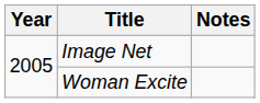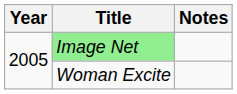 <table class="wikitable">
 <tr>
 <th>Year</th>
 <th>Title</th>
 <th>Notes</th>
 </tr>
 <tr>
 <td rowspan="2">2005</td>
-<td><em>Image Net</em></td>
+<td style="background: lightgreen;"><em>Image Net</em></td>
 <td></td>
 </tr>
 <tr>
 <td><em>Woman Excite</em></td>
 <td></td>
 </tr>
 </table>
